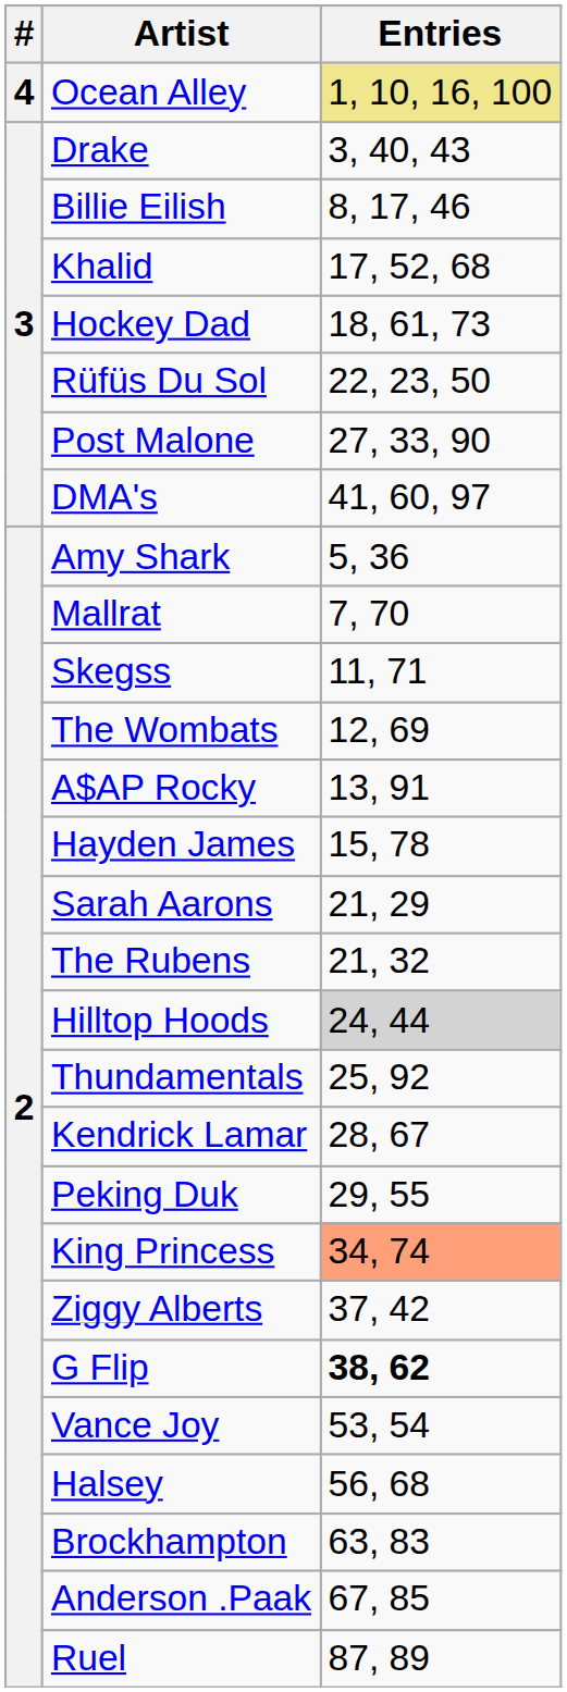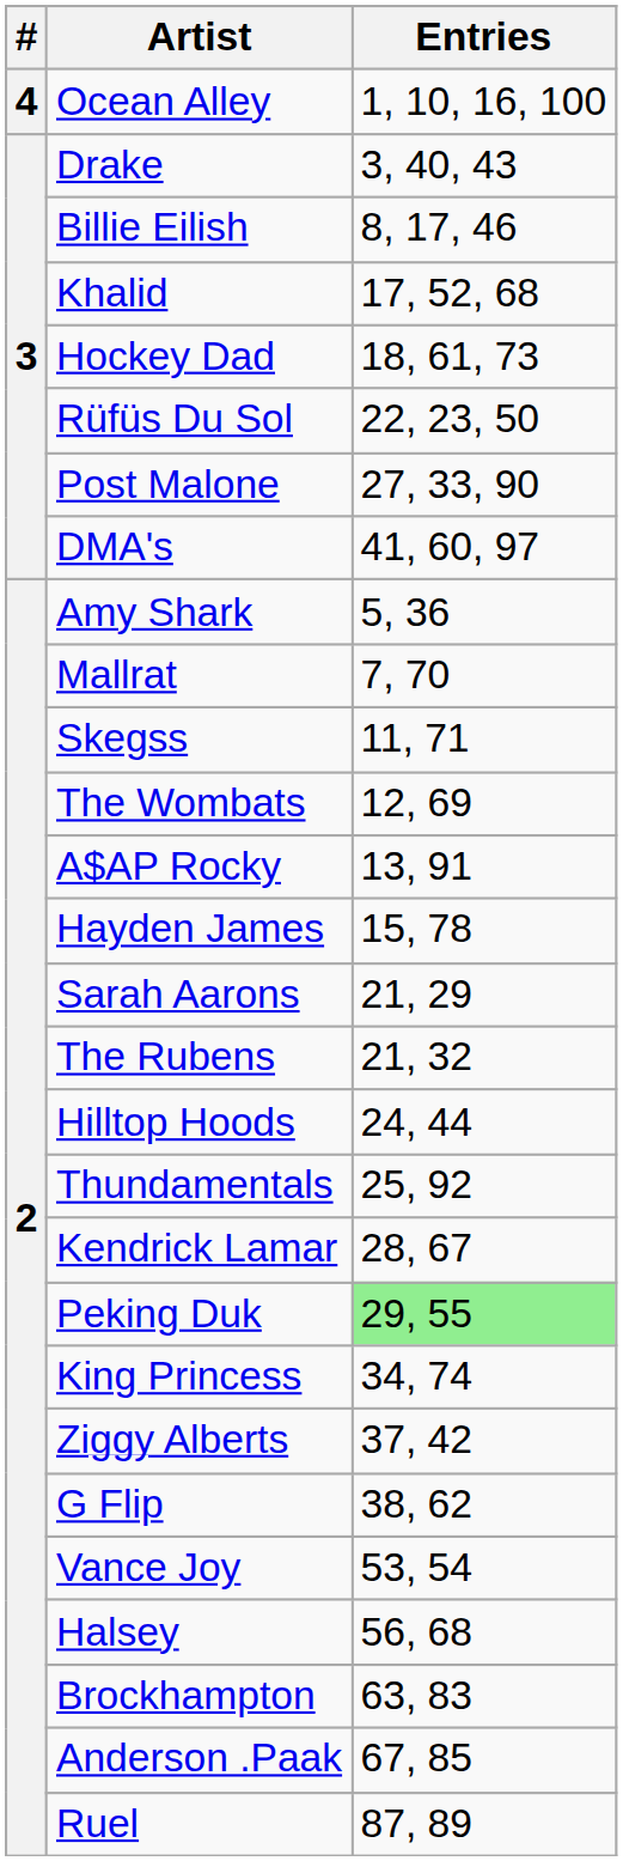 <table class="wikitable sortable">
 <tr>
 <th>#</th>
 <th>Artist</th>
 <th>Entries</th>
 </tr>
 <tr>
 <th>4</th>
 <td><a href='#'>Ocean Alley</a></td>
-<td style="background: khaki;">1, 10, 16, 100</td>
+<td>1, 10, 16, 100</td>
 </tr>
 <tr>
 <th rowspan="7">3</th>
 <td><a href='#'>Drake</a> </td>
 <td>3, 40, 43</td>
 </tr>
 <tr>
 <td><a href='#'>Billie Eilish</a> </td>
 <td>8, 17, 46</td>
 </tr>
 <tr>
 <td><a href='#'>Khalid</a> </td>
 <td>17, 52, 68</td>
 </tr>
 <tr>
 <td><a href='#'>Hockey Dad</a></td>
 <td>18, 61, 73</td>
 </tr>
 <tr>
 <td><a href='#'>Rüfüs Du Sol</a></td>
 <td>22, 23, 50</td>
 </tr>
 <tr>
 <td><a href='#'>Post Malone</a></td>
 <td>27, 33, 90</td>
 </tr>
 <tr>
 <td><a href='#'>DMA's</a></td>
 <td>41, 60, 97</td>
 </tr>
 <tr>
 <th rowspan="20">2</th>
 <td><a href='#'>Amy Shark</a></td>
 <td>5, 36</td>
 </tr>
 <tr>
 <td><a href='#'>Mallrat</a></td>
 <td>7, 70</td>
 </tr>
 <tr>
 <td><a href='#'>Skegss</a></td>
 <td>11, 71</td>
 </tr>
 <tr>
 <td><a href='#'>The Wombats</a></td>
 <td>12, 69</td>
 </tr>
 <tr>
 <td><a href='#'>A$AP Rocky</a></td>
 <td>13, 91</td>
 </tr>
 <tr>
 <td><a href='#'>Hayden James</a></td>
 <td>15, 78</td>
 </tr>
 <tr>
 <td><a href='#'>Sarah Aarons</a> </td>
 <td>21, 29</td>
 </tr>
 <tr>
 <td><a href='#'>The Rubens</a></td>
 <td>21, 32</td>
 </tr>
 <tr>
 <td><a href='#'>Hilltop Hoods</a></td>
-<td style="background: lightgrey;">24, 44</td>
+<td>24, 44</td>
 </tr>
 <tr>
 <td><a href='#'>Thundamentals</a></td>
 <td>25, 92</td>
 </tr>
 <tr>
 <td><a href='#'>Kendrick Lamar</a> </td>
 <td>28, 67</td>
 </tr>
 <tr>
 <td><a href='#'>Peking Duk</a></td>
-<td>29, 55</td>
+<td style="background: lightgreen;">29, 55</td>
 </tr>
 <tr>
 <td><a href='#'>King Princess</a></td>
-<td style="background: lightsalmon;">34, 74</td>
+<td>34, 74</td>
 </tr>
 <tr>
 <td><a href='#'>Ziggy Alberts</a></td>
 <td>37, 42</td>
 </tr>
 <tr>
 <td><a href='#'>G Flip</a></td>
-<td><strong>38, 62</strong></td>
+<td>38, 62</td>
 </tr>
 <tr>
 <td><a href='#'>Vance Joy</a></td>
 <td>53, 54</td>
 </tr>
 <tr>
 <td><a href='#'>Halsey</a> </td>
 <td>56, 68</td>
 </tr>
 <tr>
 <td><a href='#'>Brockhampton</a></td>
 <td>63, 83</td>
 </tr>
 <tr>
 <td><a href='#'>Anderson .Paak</a></td>
 <td>67, 85</td>
 </tr>
 <tr>
 <td><a href='#'>Ruel</a></td>
 <td>87, 89</td>
 </tr>
 </table>
